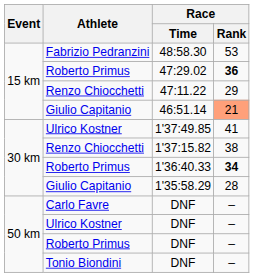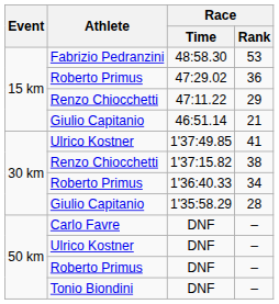 <table class="wikitable" border="1" style="font-size:90%">
 <tr>
 <th rowspan=2>Event</th>
 <th rowspan=2>Athlete</th>
 <th colspan=2>Race</th>
 </tr>
 <tr>
 <th>Time</th>
 <th>Rank</th>
 </tr>
 <tr>
 <td rowspan=4>15 km</td>
 <td><a href='#'>Fabrizio Pedranzini</a></td>
 <td align=center>48:58.30</td>
 <td align=center>53</td>
 </tr>
 <tr>
 <td><a href='#'>Roberto Primus</a></td>
 <td align=center>47:29.02</td>
-<td align=center><strong>36</strong></td>
+<td align=center>36</td>
 </tr>
 <tr>
 <td><a href='#'>Renzo Chiocchetti</a></td>
 <td align=center>47:11.22</td>
 <td align=center>29</td>
 </tr>
 <tr>
 <td><a href='#'>Giulio Capitanio</a></td>
 <td align=center>46:51.14</td>
-<td align=center style="background: lightsalmon;">21</td>
+<td align=center>21</td>
 </tr>
 <tr>
 <td rowspan=4>30 km</td>
 <td><a href='#'>Ulrico Kostner</a></td>
 <td align=center>1'37:49.85</td>
 <td align=center>41</td>
 </tr>
 <tr>
 <td><a href='#'>Renzo Chiocchetti</a></td>
 <td align=center>1'37:15.82</td>
 <td align=center>38</td>
 </tr>
 <tr>
 <td><a href='#'>Roberto Primus</a></td>
 <td align=center>1'36:40.33</td>
-<td align=center><strong>34</strong></td>
+<td align=center>34</td>
 </tr>
 <tr>
 <td><a href='#'>Giulio Capitanio</a></td>
 <td align=center>1'35:58.29</td>
 <td align=center>28</td>
 </tr>
 <tr>
 <td rowspan=4>50 km</td>
 <td><a href='#'>Carlo Favre</a></td>
 <td align=center>DNF</td>
 <td align=center>–</td>
 </tr>
 <tr>
 <td><a href='#'>Ulrico Kostner</a></td>
 <td align=center>DNF</td>
 <td align=center>–</td>
 </tr>
 <tr>
 <td><a href='#'>Roberto Primus</a></td>
 <td align=center>DNF</td>
 <td align=center>–</td>
 </tr>
 <tr>
 <td><a href='#'>Tonio Biondini</a></td>
 <td align=center>DNF</td>
 <td align=center>–</td>
 </tr>
 </table>
